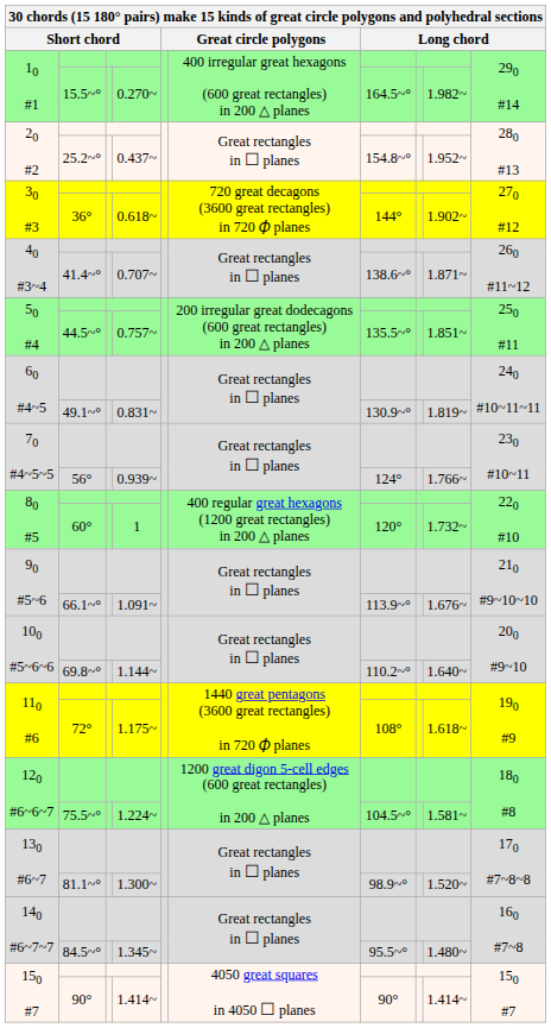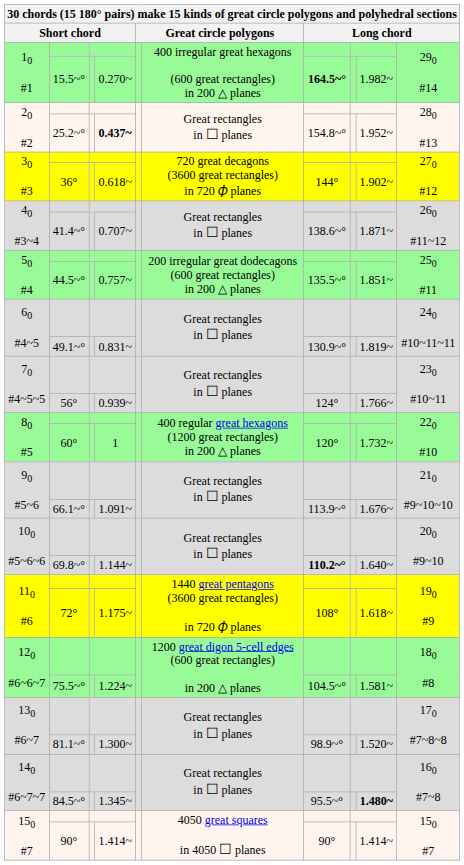 <table class=wikitable style="white-space:nowrap;text-align:center">
 <tr>
 <th colspan=10>30 chords (15 180° pairs) make 15 kinds of great circle polygons and polyhedral sections</th>
 </tr>
 <tr>
 <th colspan=4>Short chord</th>
 <th colspan=2>Great circle polygons</th>
 <th colspan=4>Long chord</th>
 </tr>
 <tr style="background: palegreen;"|>
 <td rowspan=2>1<sub>0</sub><br><br>#1</td>
 <td></td>
 <td colspan=2></td>
 <td rowspan=2></td>
 <td rowspan=2>400 irregular great hexagons<br><br>(600 great rectangles)<br> in 200 △ planes</td>
 <td></td>
 <td colspan=2></td>
 <td rowspan=2>29<sub>0</sub><br><br>#14</td>
 </tr>
 <tr style="background: palegreen;"|>
 <td>15.5~°</td>
 <td></td>
 <td>0.270~</td>
-<td>164.5~°</td>
+<td><strong>164.5~°</strong></td>
 <td></td>
 <td>1.982~</td>
 </tr>
 <tr style="background: seashell;"|>
 <td rowspan=2>2<sub>0</sub><br><br>#2</td>
 <td></td>
 <td colspan=2></td>
 <td rowspan=2></td>
 <td rowspan=2>Great rectangles<br>in <big>☐</big> planes</td>
 <td></td>
 <td colspan=2></td>
 <td rowspan=2>28<sub>0</sub><br><br>#13</td>
 </tr>
 <tr style="background: seashell;"|>
 <td>25.2~°</td>
 <td></td>
-<td>0.437~</td>
+<td><strong>0.437~</strong></td>
 <td>154.8~°</td>
 <td></td>
 <td>1.952~</td>
 </tr>
 <tr style="background: yellow;"|>
 <td rowspan=2>3<sub>0</sub><br><br>#3</td>
 <td></td>
 <td colspan=2></td>
 <td rowspan=2></td>
 <td rowspan=2>720 great decagons<br>(3600 great rectangles)<br>in 720 <big>𝜙</big> planes</td>
 <td></td>
 <td colspan=2></td>
 <td rowspan=2>27<sub>0</sub><br><br>#12</td>
 </tr>
 <tr style="background: yellow;"|>
 <td>36°</td>
 <td></td>
 <td>0.618~</td>
 <td>144°</td>
 <td></td>
 <td>1.902~</td>
 </tr>
 <tr style="background: gainsboro;"|>
 <td rowspan=2>4<sub>0</sub><br><br>#3~4</td>
 <td></td>
 <td colspan=2></td>
 <td rowspan=2></td>
 <td rowspan=2>Great rectangles<br>in <big>☐</big> planes</td>
 <td></td>
 <td colspan=2></td>
 <td rowspan=2>26<sub>0</sub><br><br>#11~12</td>
 </tr>
 <tr style="background: gainsboro;"|>
 <td>41.4~°</td>
 <td></td>
 <td>0.707~</td>
 <td>138.6~°</td>
 <td></td>
 <td>1.871~</td>
 </tr>
 <tr style="background: palegreen;"|>
 <td rowspan=2>5<sub>0</sub><br><br>#4</td>
 <td></td>
 <td colspan=2></td>
 <td rowspan=2></td>
 <td rowspan=2>200 irregular great dodecagons<br>(600 great rectangles)<br>in 200 △ planes</td>
 <td></td>
 <td colspan=2></td>
 <td rowspan=2>25<sub>0</sub><br><br>#11</td>
 </tr>
 <tr style="background: palegreen;"|>
 <td>44.5~°</td>
 <td></td>
 <td>0.757~</td>
 <td>135.5~°</td>
 <td></td>
 <td>1.851~</td>
 </tr>
 <tr style="background: gainsboro; height:50px"|>
 <td rowspan=2>6<sub>0</sub><br><br>#4~5</td>
 <td></td>
 <td colspan=2></td>
 <td rowspan=2></td>
 <td rowspan=2>Great rectangles<br>in <big>☐</big> planes</td>
 <td></td>
 <td colspan=2></td>
 <td rowspan=2>24<sub>0</sub><br><br>#10~11~11</td>
 </tr>
 <tr style="background: gainsboro;"|>
 <td>49.1~°</td>
 <td></td>
 <td>0.831~</td>
 <td>130.9~°</td>
 <td></td>
 <td>1.819~</td>
 </tr>
 <tr style="background: gainsboro; height:50px"|>
 <td rowspan=2>7<sub>0</sub><br><br>#4~5~5</td>
 <td></td>
 <td colspan=2></td>
 <td rowspan=2></td>
 <td rowspan=2>Great rectangles<br>in <big>☐</big> planes</td>
 <td></td>
 <td colspan=2></td>
 <td rowspan=2>23<sub>0</sub><br><br>#10~11</td>
 </tr>
 <tr style="background: gainsboro;"|>
 <td>56°</td>
 <td></td>
 <td>0.939~</td>
 <td>124°</td>
 <td></td>
 <td>1.766~</td>
 </tr>
 <tr style="background: palegreen;"|>
 <td rowspan=2>8<sub>0</sub><br><br>#5</td>
 <td></td>
 <td colspan=2></td>
 <td rowspan=2></td>
 <td rowspan=2>400 regular <a href='#'>great hexagons</a><br> (1200 great rectangles)<br>in 200 △ planes</td>
 <td></td>
 <td colspan=2></td>
 <td rowspan=2>22<sub>0</sub><br><br>#10</td>
 </tr>
 <tr style="background: palegreen;"|>
 <td>60°</td>
 <td></td>
 <td>1</td>
 <td>120°</td>
 <td></td>
 <td>1.732~</td>
 </tr>
 <tr style="background: gainsboro; height:50px"|>
 <td rowspan=2>9<sub>0</sub><br><br>#5~6</td>
 <td></td>
 <td colspan=2></td>
 <td rowspan=2></td>
 <td rowspan=2>Great rectangles<br> in <big>☐</big> planes</td>
 <td></td>
 <td colspan=2></td>
 <td rowspan=2>21<sub>0</sub><br><br>#9~10~10</td>
 </tr>
 <tr style="background: gainsboro;"|>
 <td>66.1~°</td>
 <td></td>
 <td>1.091~</td>
 <td>113.9~°</td>
 <td></td>
 <td>1.676~</td>
 </tr>
 <tr style="background: gainsboro; height:50px"|>
 <td rowspan=2>10<sub>0</sub><br><br>#5~6~6</td>
 <td></td>
 <td colspan=2></td>
 <td rowspan=2></td>
 <td rowspan=2>Great rectangles<br> in <big>☐</big> planes</td>
 <td></td>
 <td colspan=2></td>
 <td rowspan=2>20<sub>0</sub><br><br>#9~10</td>
 </tr>
 <tr style="background: gainsboro;"|>
 <td>69.8~°</td>
 <td></td>
 <td>1.144~</td>
-<td>110.2~°</td>
+<td><strong>110.2~°</strong></td>
 <td></td>
 <td>1.640~</td>
 </tr>
 <tr style="background: yellow;"|>
 <td rowspan=2>11<sub>0</sub><br><br>#6</td>
 <td></td>
 <td colspan=2></td>
 <td rowspan=2></td>
 <td rowspan=2>1440 <a href='#'>great pentagons</a><br>(3600 great rectangles)<br><br>in 720 <big>𝜙</big> planes</td>
 <td></td>
 <td colspan=2></td>
 <td rowspan=2>19<sub>0</sub><br><br>#9</td>
 </tr>
 <tr style="background: yellow;"|>
 <td>72°</td>
 <td></td>
 <td>1.175~</td>
 <td>108°</td>
 <td></td>
 <td>1.618~</td>
 </tr>
 <tr style="background: palegreen; height:50px"|>
 <td rowspan=2>12<sub>0</sub><br><br>#6~6~7</td>
 <td></td>
 <td colspan=2></td>
 <td rowspan=2></td>
 <td rowspan=2>1200 <a href='#'>great digon 5-cell edges</a><br>(600 great rectangles)<br><br>in 200 △ planes</td>
 <td></td>
 <td colspan=2></td>
 <td rowspan=2>18<sub>0</sub><br><br>#8</td>
 </tr>
 <tr style="background: palegreen;"|>
 <td>75.5~°</td>
 <td></td>
 <td>1.224~</td>
 <td>104.5~°</td>
 <td></td>
 <td>1.581~</td>
 </tr>
 <tr style="background: gainsboro; height:50px"|>
 <td rowspan=2>13<sub>0</sub><br><br>#6~7</td>
 <td></td>
 <td colspan=2></td>
 <td rowspan=2></td>
 <td rowspan=2>Great rectangles<br> in <big>☐</big> planes</td>
 <td></td>
 <td colspan=2></td>
 <td rowspan=2>17<sub>0</sub><br><br>#7~8~8</td>
 </tr>
 <tr style="background: gainsboro;"|>
 <td>81.1~°</td>
 <td></td>
 <td>1.300~</td>
 <td>98.9~°</td>
 <td></td>
 <td>1.520~</td>
 </tr>
 <tr style="background: gainsboro; height:50px"|>
 <td rowspan=2>14<sub>0</sub><br><br>#6~7~7</td>
 <td></td>
 <td colspan=2></td>
 <td rowspan=2></td>
 <td rowspan=2>Great rectangles<br> in <big>☐</big> planes</td>
 <td></td>
 <td colspan=2></td>
 <td rowspan=2>16<sub>0</sub><br><br>#7~8</td>
 </tr>
 <tr style="background: gainsboro;"|>
 <td>84.5~°</td>
 <td></td>
 <td>1.345~</td>
 <td>95.5~°</td>
 <td></td>
-<td>1.480~</td>
+<td><strong>1.480~</strong></td>
 </tr>
 <tr style="background: seashell;"|>
 <td rowspan=2>15<sub>0</sub><br><br>#7</td>
 <td></td>
 <td colspan=2></td>
 <td rowspan=2></td>
 <td rowspan=2>4050 <a href='#'>great squares</a><br><br>in 4050 <big>☐</big> planes</td>
 <td></td>
 <td colspan=2></td>
 <td rowspan=2>15<sub>0</sub><br><br>#7</td>
 </tr>
 <tr style="background: seashell;"|>
 <td>90°</td>
 <td></td>
 <td>1.414~</td>
 <td>90°</td>
 <td></td>
 <td>1.414~</td>
 </tr>
 </table>
